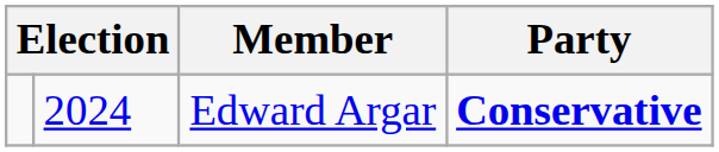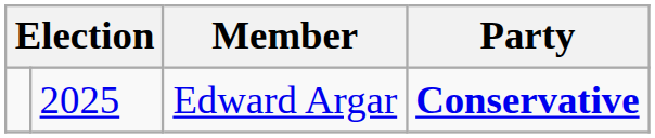 <table class="wikitable">
 <tr>
 <th colspan="2">Election</th>
 <th>Member</th>
 <th>Party</th>
 </tr>
 <tr>
 <td style="color:inherit;background-color: "></td>
-<td><a href='#'>2024</a></td>
+<td><a href='#'>2025</a></td>
 <td><a href='#'>Edward Argar</a></td>
 <td><strong><a href='#'>Conservative</a></strong></td>
 </tr>
 </table>
